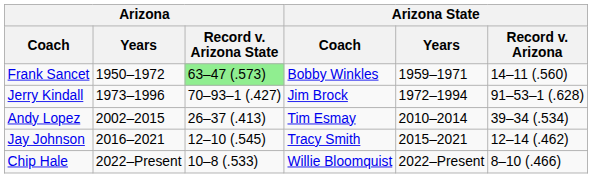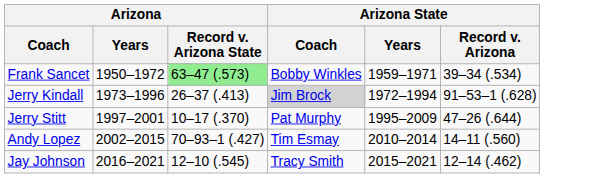 <table class="wikitable">
 <tr>
 <th colspan="3">Arizona</th>
 <th colspan="3">Arizona State</th>
 </tr>
 <tr>
 <th>Coach</th>
 <th>Years</th>
 <th>Record v.<br>Arizona State</th>
 <th>Coach</th>
 <th>Years</th>
 <th>Record v.<br>Arizona</th>
 </tr>
 <tr>
 <td><a href='#'>Frank Sancet</a></td>
 <td>1950–1972</td>
 <td style="background: lightgreen;">63–47 (.573)</td>
 <td><a href='#'>Bobby Winkles</a></td>
 <td>1959–1971</td>
-<td>14–11 (.560)</td>
+<td>39–34 (.534)</td>
 </tr>
 <tr>
 <td><a href='#'>Jerry Kindall</a></td>
 <td>1973–1996</td>
-<td>70–93–1 (.427)</td>
-<td><a href='#'>Jim Brock</a></td>
+<td>26–37 (.413)</td>
+<td style="background: lightgrey;"><a href='#'>Jim Brock</a></td>
 <td>1972–1994</td>
 <td>91–53–1 (.628)</td>
 </tr>
 <tr>
+<td><a href='#'>Jerry Stitt</a></td>
+<td>1997–2001</td>
+<td>10–17 (.370)</td>
+<td><a href='#'>Pat Murphy</a></td>
+<td>1995–2009</td>
+<td>47–26 (.644)</td>
+</tr>
+<tr>
 <td><a href='#'>Andy Lopez</a></td>
 <td>2002–2015</td>
-<td>26–37 (.413)</td>
+<td>70–93–1 (.427)</td>
 <td><a href='#'>Tim Esmay</a></td>
 <td>2010–2014</td>
-<td>39–34 (.534)</td>
+<td>14–11 (.560)</td>
 </tr>
 <tr>
 <td><a href='#'>Jay Johnson</a></td>
 <td>2016–2021</td>
 <td>12–10 (.545)</td>
 <td><a href='#'>Tracy Smith</a></td>
 <td>2015–2021</td>
 <td>12–14 (.462)</td>
 </tr>
-<tr>
-<td><a href='#'>Chip Hale</a></td>
-<td>2022–Present</td>
-<td>10–8 (.533)</td>
-<td><a href='#'>Willie Bloomquist</a></td>
-<td>2022–Present</td>
-<td>8–10 (.466)</td>
-</tr>
 </table>
